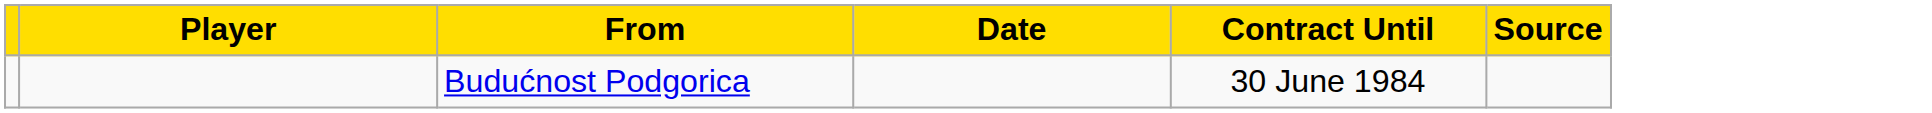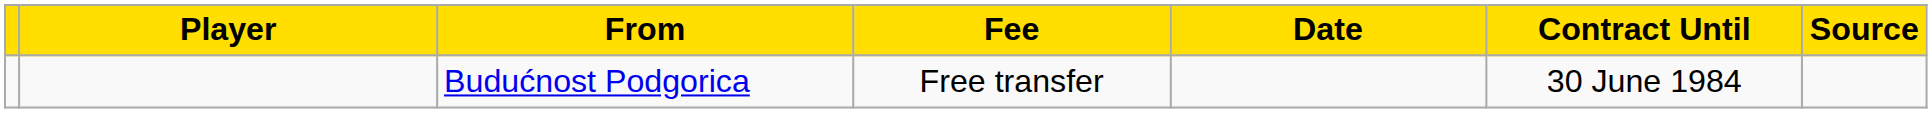 <table class="wikitable sortable">
 <tr>
 <th style="background:#FFDE00"></th>
 <th width=200 style="background:#FFDE00">Player</th>
 <th width=200 style="background:#FFDE00">From</th>
+<th width=150 style="background:#FFDE00">Fee</th>
 <th width=150 style="background:#FFDE00">Date</th>
 <th width=150 style="background:#FFDE00">Contract Until</th>
 <th style="background:#FFDE00">Source</th>
 </tr>
 <tr>
 <td align=center></td>
 <td></td>
 <td> <a href='#'>Budućnost Podgorica</a></td>
+<td align=center>Free transfer</td>
 <td align=center></td>
 <td align=center>30 June 1984</td>
 <td align=center></td>
 </tr>
 </table>
